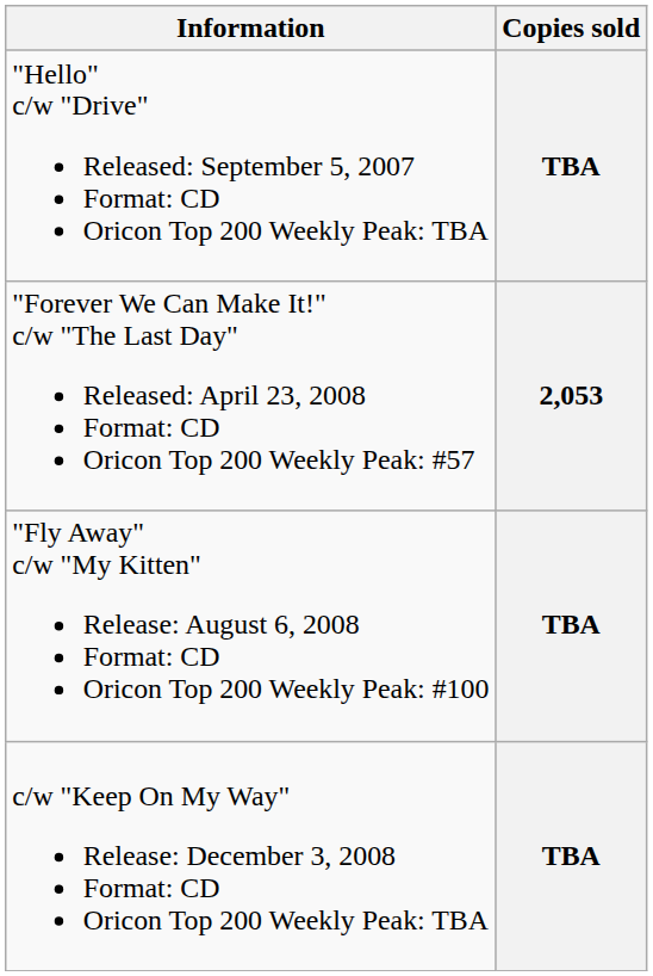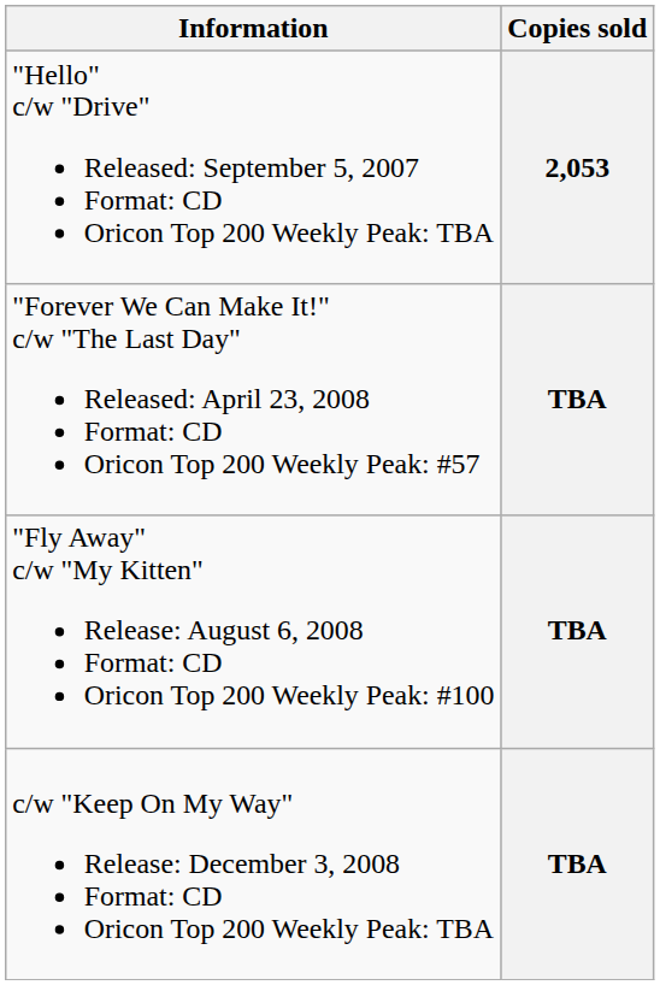 <table class="wikitable">
 <tr>
 <th>Information</th>
 <th>Copies sold</th>
 </tr>
 <tr>
 <td>"Hello" <br>c/w "Drive"<br><ul><li>Released: September 5, 2007</li><li>Format: CD</li><li>Oricon Top 200 Weekly Peak: TBA</li></ul></td>
-<th>TBA</th>
+<th>2,053</th>
 </tr>
 <tr>
 <td>"Forever We Can Make It!" <br>c/w "The Last Day"<br><ul><li>Released: April 23, 2008</li><li>Format: CD</li><li>Oricon Top 200 Weekly Peak: #57</li></ul></td>
-<th>2,053</th>
+<th>TBA</th>
 </tr>
 <tr>
 <td>"Fly Away" <br>c/w "My Kitten"<br><ul><li>Release: August 6, 2008</li><li>Format: CD</li><li>Oricon Top 200 Weekly Peak: #100</li></ul></td>
 <th>TBA</th>
 </tr>
 <tr>
 <td><br>c/w "Keep On My Way"<br><ul><li>Release: December 3, 2008</li><li>Format: CD</li><li>Oricon Top 200 Weekly Peak: TBA</li></ul></td>
 <th>TBA</th>
 </tr>
 </table>
